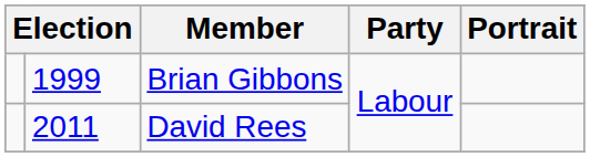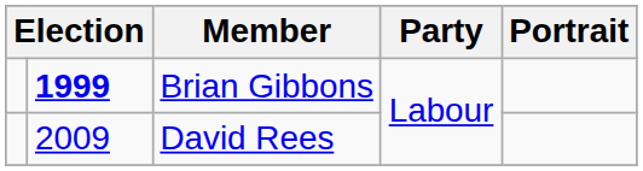 <table class="wikitable">
 <tr>
 <th colspan="2">Election</th>
 <th>Member</th>
 <th>Party</th>
 <th>Portrait</th>
 </tr>
 <tr>
 <td style="background-color: "></td>
-<td><a href='#'>1999</a></td>
+<td><strong><a href='#'>1999</a></strong></td>
 <td><a href='#'>Brian Gibbons</a></td>
 <td rowspan="2"><a href='#'>Labour</a></td>
 <td></td>
 </tr>
 <tr>
 <td style="background-color: "></td>
-<td><a href='#'>2011</a></td>
+<td><a href='#'>2009</a></td>
 <td><a href='#'>David Rees</a></td>
 <td></td>
 </tr>
 </table>
